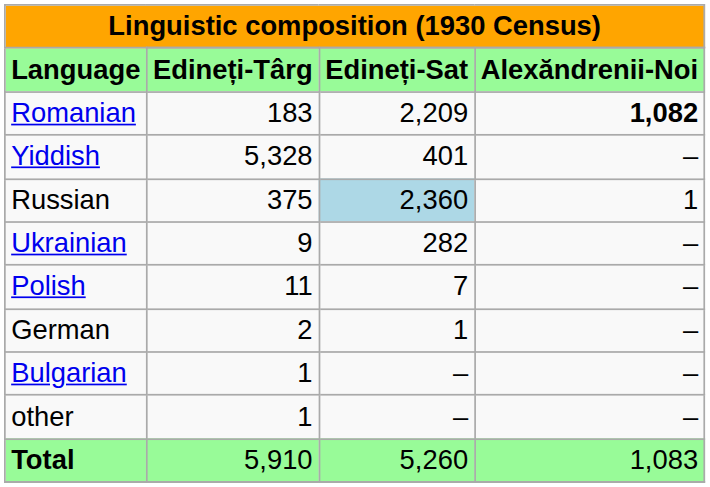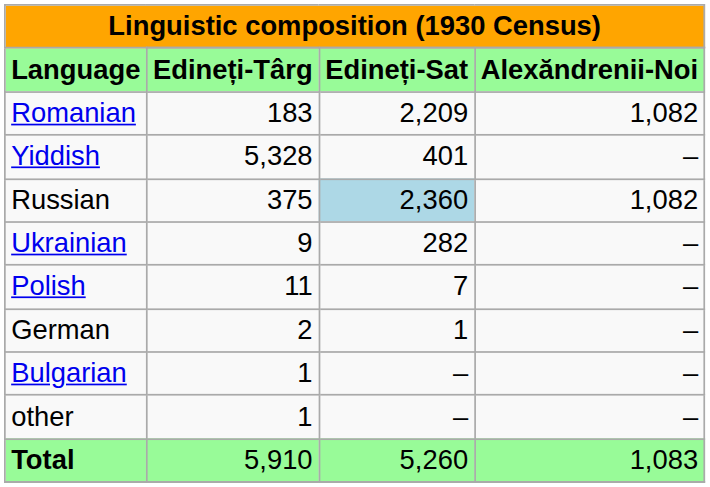 <table class="wikitable" style="float">
 <tr ---->
 <td colspan="5" align="center" bgcolor="#FFA500"><strong>Linguistic composition (1930 Census)</strong></td>
 </tr>
 <tr ---->
 <td rowspan="2" align="center" bgcolor="#98FB98"><strong>Language</strong></td>
 </tr>
 <tr ---->
 <td align="center" bgcolor="#98FB98"><strong>Edineți-Târg</strong></td>
 <td align="center" bgcolor="#98FB98"><strong>Edineți-Sat</strong></td>
 <td align="center" bgcolor="#98FB98"><strong>Alexăndrenii-Noi</strong></td>
 </tr>
 <tr ---->
 <td align=left><a href='#'>Romanian</a></td>
 <td align=right>183</td>
 <td align=right>2,209</td>
-<td align=right><strong>1,082</strong></td>
+<td align=right>1,082</td>
 </tr>
 <tr ---->
 <td align=left><a href='#'>Yiddish</a></td>
 <td align=right>5,328</td>
 <td align=right>401</td>
 <td align=right>–</td>
 </tr>
 <tr ---->
 <td align=left>Russian</td>
 <td align=right>375</td>
 <td align=right style="background: lightblue;">2,360</td>
-<td align=right>1</td>
+<td align=right>1,082</td>
 </tr>
 <tr ---->
 <td align=left><a href='#'>Ukrainian</a></td>
 <td align=right>9</td>
 <td align=right>282</td>
 <td align=right>–</td>
 </tr>
 <tr ---->
 <td align=left><a href='#'>Polish</a></td>
 <td align=right>11</td>
 <td align=right>7</td>
 <td align=right>–</td>
 </tr>
 <tr ---->
 <td align=left>German</td>
 <td align=right>2</td>
 <td align=right>1</td>
 <td align=right>–</td>
 </tr>
 <tr ---->
 <td align=left><a href='#'>Bulgarian</a></td>
 <td align=right>1</td>
 <td align=right>–</td>
 <td align=right>–</td>
 </tr>
 <tr ---->
 <td align=left>other</td>
 <td align=right>1</td>
 <td align=right>–</td>
 <td align=right>–</td>
 </tr>
 <tr ---->
 <td align=left bgcolor="#98FB98"><strong>Total</strong></td>
 <td align=right bgcolor="#98FB98">5,910</td>
 <td align=right bgcolor="#98FB98">5,260</td>
 <td align=right bgcolor="#98FB98">1,083</td>
 </tr>
 <tr ---->
 </tr>
 </table>
